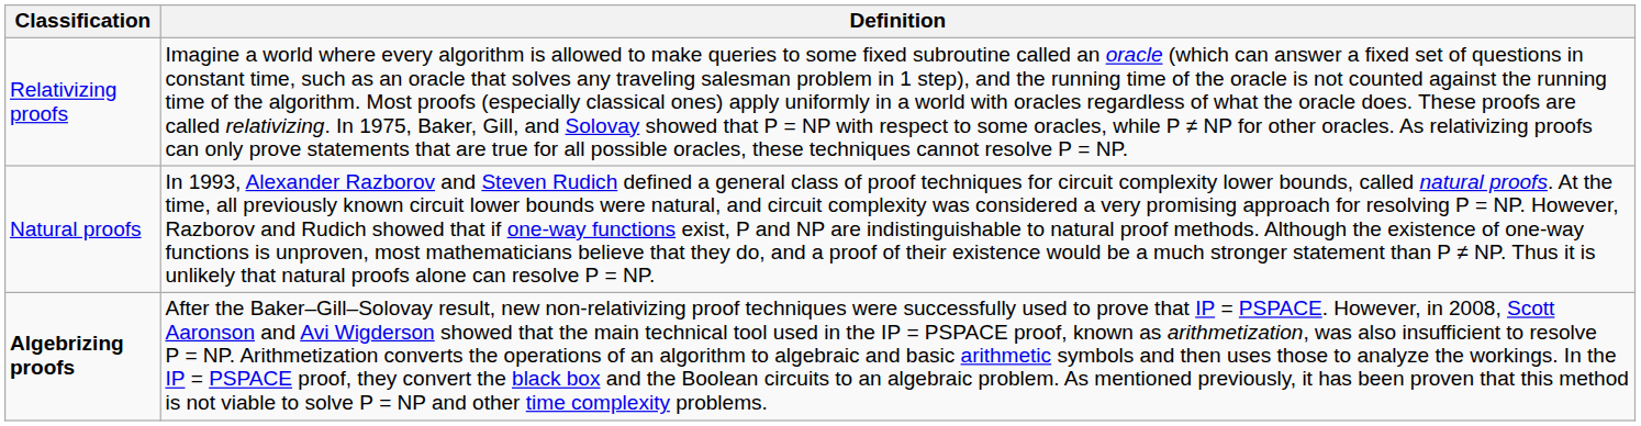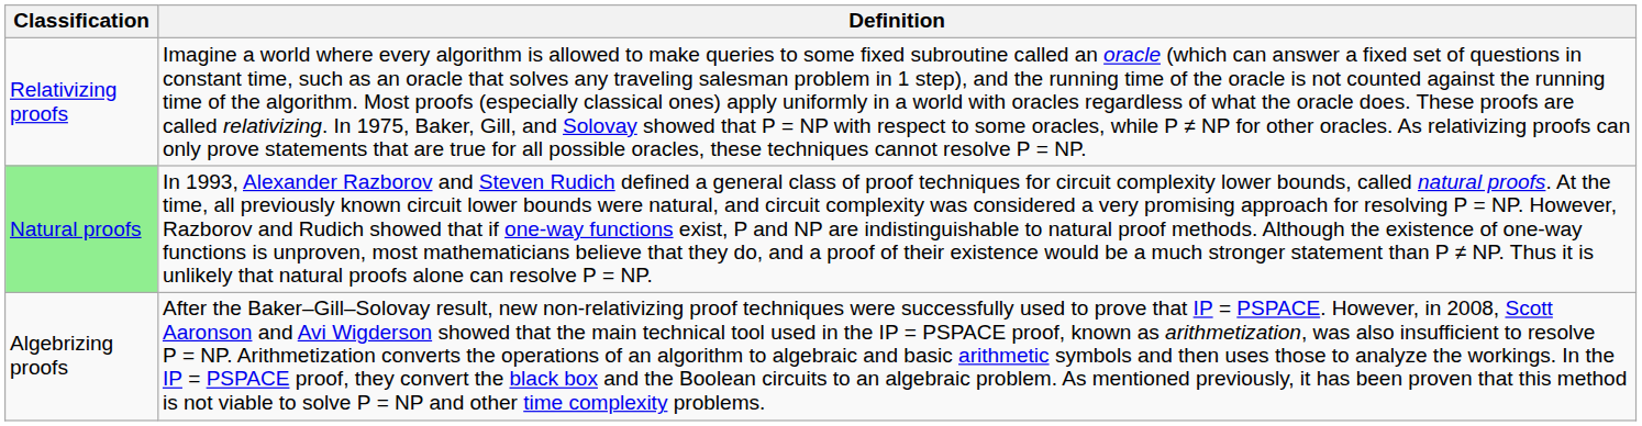 <table class="wikitable">
 <tr>
 <th>Classification</th>
 <th>Definition</th>
 </tr>
 <tr>
 <td><a href='#'>Relativizing proofs</a></td>
 <td>Imagine a world where every algorithm is allowed to make queries to some fixed subroutine called an <em><a href='#'>oracle</a></em> (which can answer a fixed set of questions in constant time, such as an oracle that solves any traveling salesman problem in 1 step), and the running time of the oracle is not counted against the running time of the algorithm. Most proofs (especially classical ones) apply uniformly in a world with oracles regardless of what the oracle does. These proofs are called <em>relativizing</em>. In 1975, Baker, Gill, and <a href='#'>Solovay</a> showed that P = NP with respect to some oracles, while P ≠ NP for other oracles. As relativizing proofs can only prove statements that are true for all possible oracles, these techniques cannot resolve P = NP.</td>
 </tr>
 <tr>
-<td><a href='#'>Natural proofs</a></td>
+<td style="background: lightgreen;"><a href='#'>Natural proofs</a></td>
 <td>In 1993, <a href='#'>Alexander Razborov</a> and <a href='#'>Steven Rudich</a> defined a general class of proof techniques for circuit complexity lower bounds, called <em><a href='#'>natural proofs</a></em>. At the time, all previously known circuit lower bounds were natural, and circuit complexity was considered a very promising approach for resolving P = NP. However, Razborov and Rudich showed that if <a href='#'>one-way functions</a> exist, P and NP are indistinguishable to natural proof methods. Although the existence of one-way functions is unproven, most mathematicians believe that they do, and a proof of their existence would be a much stronger statement than P ≠ NP. Thus it is unlikely that natural proofs alone can resolve P = NP.</td>
 </tr>
 <tr>
-<td><strong>Algebrizing proofs</strong></td>
+<td>Algebrizing proofs</td>
 <td>After the Baker–Gill–Solovay result, new non-relativizing proof techniques were successfully used to prove that <a href='#'>IP</a> = <a href='#'>PSPACE</a>. However, in 2008, <a href='#'>Scott Aaronson</a> and <a href='#'>Avi Wigderson</a> showed that the main technical tool used in the IP = PSPACE proof, known as <em>arithmetization</em>, was also insufficient to resolve P = NP. Arithmetization converts the operations of an algorithm to algebraic and basic <a href='#'>arithmetic</a> symbols and then uses those to analyze the workings. In the  <a href='#'>IP</a> = <a href='#'>PSPACE</a> proof, they convert the <a href='#'>black box</a> and the Boolean circuits to an algebraic problem. As mentioned previously, it has been proven that this method is not viable to solve P = NP and other <a href='#'>time complexity</a> problems.</td>
 </tr>
 </table>
